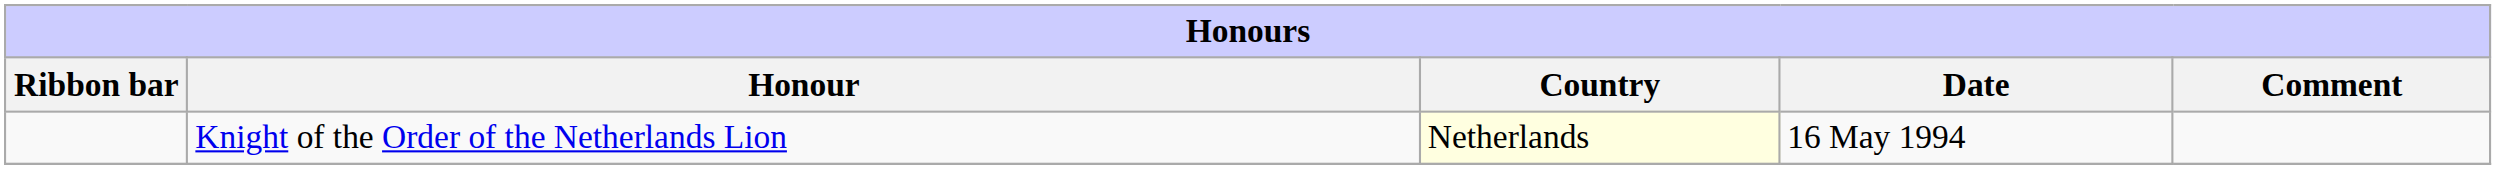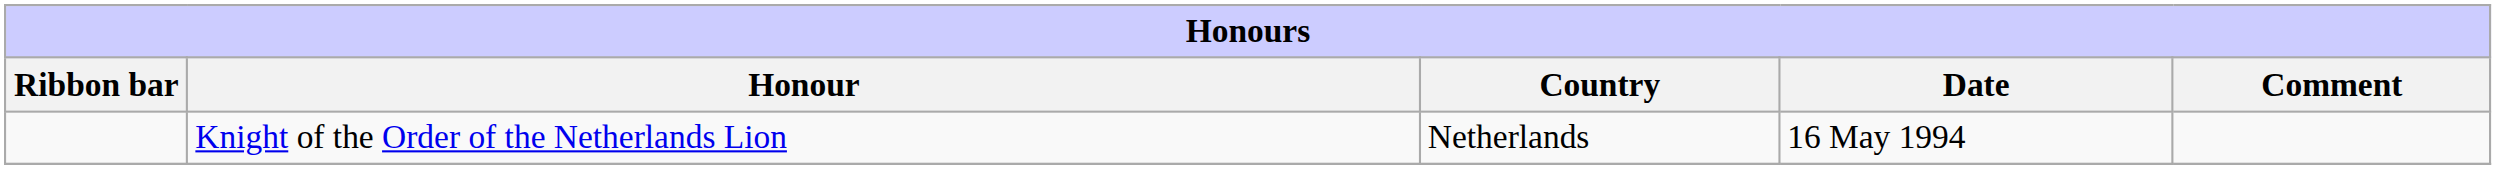 <table class="wikitable" style="width:60%;">
 <tr style="background:#ccf; text-align:center;">
 <td colspan=5><strong>Honours</strong></td>
 </tr>
 <tr>
 <th style="width:80px;">Ribbon bar</th>
 <th>Honour</th>
 <th>Country</th>
 <th>Date</th>
 <th>Comment</th>
 </tr>
 <tr>
 <td></td>
 <td><a href='#'>Knight</a> of the <a href='#'>Order of the Netherlands Lion</a></td>
-<td style="background: lightyellow;">Netherlands</td>
+<td>Netherlands</td>
 <td>16 May 1994</td>
 <td></td>
 </tr>
 <tr>
 </tr>
 </table>
